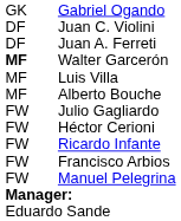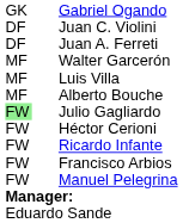 <table style="font-size: 90%" cellspacing="0" cellpadding="0" align=center>
 <tr>
 <th width=25></th>
 <th width=25></th>
 </tr>
 <tr>
 <td>GK</td>
 <td></td>
 <td> <a href='#'>Gabriel Ogando</a></td>
 </tr>
 <tr>
 <td>DF</td>
 <td></td>
 <td> Juan C. Violini</td>
 </tr>
 <tr>
 <td>DF</td>
 <td></td>
 <td> Juan A. Ferreti</td>
 </tr>
 <tr>
-<td><strong>MF</strong></td>
+<td>MF</td>
 <td></td>
 <td> Walter Garcerón</td>
 </tr>
 <tr>
 <td>MF</td>
 <td></td>
 <td> Luis Villa</td>
 </tr>
 <tr>
 <td>MF</td>
 <td></td>
 <td> Alberto Bouche</td>
 </tr>
 <tr>
-<td>FW</td>
+<td style="background: lightgreen;">FW</td>
 <td></td>
 <td> Julio Gagliardo</td>
 </tr>
 <tr>
 <td>FW</td>
 <td></td>
 <td> Héctor Cerioni</td>
 </tr>
 <tr>
 <td>FW</td>
 <td></td>
 <td> <a href='#'>Ricardo Infante</a></td>
 </tr>
 <tr>
 <td>FW</td>
 <td></td>
 <td> Francisco Arbios</td>
 </tr>
 <tr>
 <td>FW</td>
 <td></td>
 <td> <a href='#'>Manuel Pelegrina</a></td>
 </tr>
 <tr>
 <td colspan=3><strong>Manager:</strong></td>
 </tr>
 <tr>
 <td colspan=4> Eduardo Sande</td>
 </tr>
 </table>
